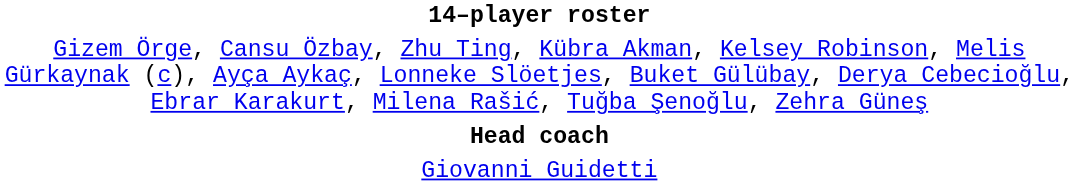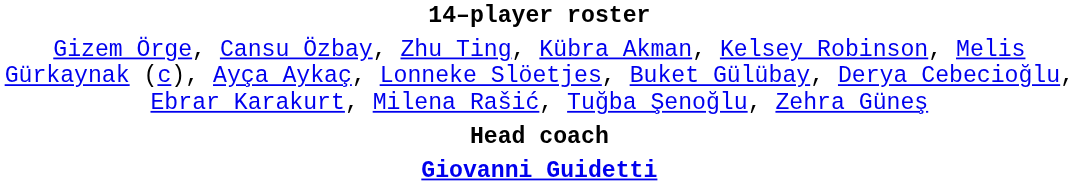 <table style="text-align:center; margin-top:2em; margin-left:auto; margin-right:auto">
 <tr>
 <td><strong>14–player roster</strong></td>
 </tr>
 <tr>
 <td><a href='#'>Gizem Örge</a>, <a href='#'>Cansu Özbay</a>, <a href='#'>Zhu Ting</a>, <a href='#'>Kübra Akman</a>, <a href='#'>Kelsey Robinson</a>, <a href='#'>Melis Gürkaynak</a> (<a href='#'>c</a>), <a href='#'>Ayça Aykaç</a>, <a href='#'>Lonneke Slöetjes</a>, <a href='#'>Buket Gülübay</a>, <a href='#'>Derya Cebecioğlu</a>, <a href='#'>Ebrar Karakurt</a>, <a href='#'>Milena Rašić</a>, <a href='#'>Tuğba Şenoğlu</a>, <a href='#'>Zehra Güneş</a></td>
 </tr>
 <tr>
 <td><strong>Head coach</strong></td>
 </tr>
 <tr>
-<td><a href='#'>Giovanni Guidetti</a></td>
+<td><strong><a href='#'>Giovanni Guidetti</a></strong></td>
 </tr>
 </table>
